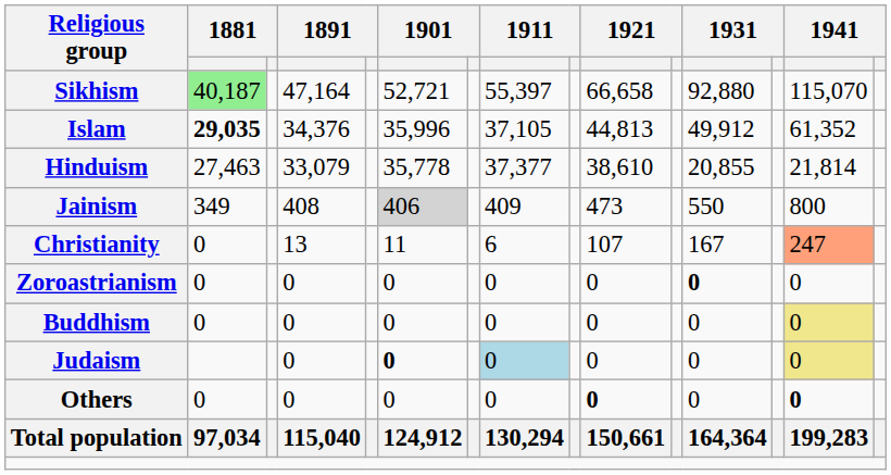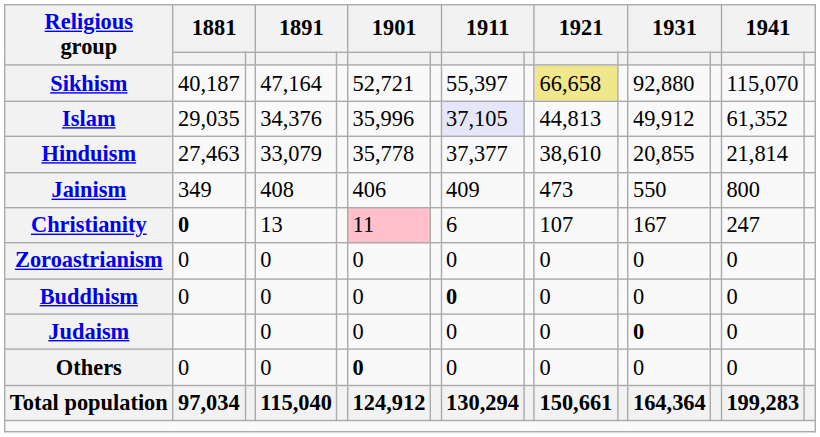 <table class="wikitable sortable">
 <tr>
 <th rowspan="2"><a href='#'>Religious</a><br>group</th>
 <th colspan="2">1881</th>
 <th colspan="2">1891</th>
 <th colspan="2">1901</th>
 <th colspan="2">1911</th>
 <th colspan="2">1921</th>
 <th colspan="2">1931</th>
 <th colspan="2">1941</th>
 </tr>
 <tr>
 <th><a href='#'></a></th>
 <th></th>
 <th></th>
 <th></th>
 <th></th>
 <th></th>
 <th></th>
 <th></th>
 <th></th>
 <th></th>
 <th></th>
 <th></th>
 <th></th>
 <th></th>
 </tr>
 <tr>
 <th><a href='#'>Sikhism</a> </th>
-<td style="background: lightgreen;">40,187</td>
+<td>40,187</td>
 <td></td>
 <td>47,164</td>
 <td></td>
 <td>52,721</td>
 <td></td>
 <td>55,397</td>
 <td></td>
-<td>66,658</td>
+<td style="background: khaki;">66,658</td>
 <td></td>
 <td>92,880</td>
 <td></td>
 <td>115,070</td>
 <td></td>
 </tr>
 <tr>
 <th><a href='#'>Islam</a> </th>
-<td><strong>29,035</strong></td>
+<td>29,035</td>
 <td></td>
 <td>34,376</td>
 <td></td>
 <td>35,996</td>
 <td></td>
-<td>37,105</td>
+<td style="background: lavender;">37,105</td>
 <td></td>
 <td>44,813</td>
 <td></td>
 <td>49,912</td>
 <td></td>
 <td>61,352</td>
 <td></td>
 </tr>
 <tr>
 <th><a href='#'>Hinduism</a> </th>
 <td>27,463</td>
 <td></td>
 <td>33,079</td>
 <td></td>
 <td>35,778</td>
 <td></td>
 <td>37,377</td>
 <td></td>
 <td>38,610</td>
 <td></td>
 <td>20,855</td>
 <td></td>
 <td>21,814</td>
 <td></td>
 </tr>
 <tr>
 <th><a href='#'>Jainism</a> </th>
 <td>349</td>
 <td></td>
 <td>408</td>
 <td></td>
-<td style="background: lightgrey;">406</td>
+<td>406</td>
 <td></td>
 <td>409</td>
 <td></td>
 <td>473</td>
 <td></td>
 <td>550</td>
 <td></td>
 <td>800</td>
 <td></td>
 </tr>
 <tr>
 <th><a href='#'>Christianity</a> </th>
-<td>0</td>
+<td><strong>0</strong></td>
 <td></td>
 <td>13</td>
 <td></td>
-<td>11</td>
+<td style="background: pink;">11</td>
 <td></td>
 <td>6</td>
 <td></td>
 <td>107</td>
 <td></td>
 <td>167</td>
 <td></td>
-<td style="background: lightsalmon;">247</td>
+<td>247</td>
 <td></td>
 </tr>
 <tr>
 <th><a href='#'>Zoroastrianism</a> </th>
 <td>0</td>
+<td></td>
+<td>0</td>
+<td></td>
+<td>0</td>
+<td></td>
+<td>0</td>
+<td></td>
+<td>0</td>
+<td></td>
+<td>0</td>
+<td></td>
+<td>0</td>
+<td></td>
+</tr>
+<tr>
+<th><a href='#'>Buddhism</a> </th>
+<td>0</td>
+<td></td>
+<td>0</td>
+<td></td>
+<td>0</td>
+<td></td>
+<td><strong>0</strong></td>
+<td></td>
+<td>0</td>
+<td></td>
+<td>0</td>
+<td></td>
+<td>0</td>
+<td></td>
+</tr>
+<tr>
+<th><a href='#'>Judaism</a> </th>
+<td></td>
 <td></td>
 <td>0</td>
 <td></td>
 <td>0</td>
 <td></td>
 <td>0</td>
 <td></td>
 <td>0</td>
 <td></td>
 <td><strong>0</strong></td>
 <td></td>
 <td>0</td>
 <td></td>
 </tr>
 <tr>
-<th><a href='#'>Buddhism</a> </th>
+<th>Others</th>
 <td>0</td>
+<td></td>
+<td>0</td>
+<td></td>
+<td><strong>0</strong></td>
 <td></td>
 <td>0</td>
 <td></td>
 <td>0</td>
 <td></td>
 <td>0</td>
 <td></td>
 <td>0</td>
-<td></td>
-<td>0</td>
-<td></td>
-<td style="background: khaki;">0</td>
-<td></td>
-</tr>
-<tr>
-<th><a href='#'>Judaism</a> </th>
-<td></td>
-<td></td>
-<td>0</td>
-<td></td>
-<td><strong>0</strong></td>
-<td></td>
-<td style="background: lightblue;">0</td>
-<td></td>
-<td>0</td>
-<td></td>
-<td>0</td>
-<td></td>
-<td style="background: khaki;">0</td>
-<td></td>
-</tr>
-<tr>
-<th>Others</th>
-<td>0</td>
-<td></td>
-<td>0</td>
-<td></td>
-<td>0</td>
-<td></td>
-<td>0</td>
-<td></td>
-<td><strong>0</strong></td>
-<td></td>
-<td>0</td>
-<td></td>
-<td><strong>0</strong></td>
 <td></td>
 </tr>
 <tr>
 <th>Total population</th>
 <th>97,034</th>
 <th></th>
 <th>115,040</th>
 <th></th>
 <th>124,912</th>
 <th></th>
 <th>130,294</th>
 <th></th>
 <th>150,661</th>
 <th></th>
 <th>164,364</th>
 <th></th>
 <th>199,283</th>
 <th></th>
 </tr>
 <tr class="sortbottom">
 <td colspan="15"></td>
 </tr>
 </table>
